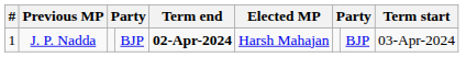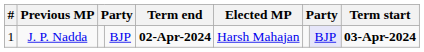 <table class="wikitable" style="text-align:center;">
 <tr>
 <th>#</th>
 <th>Previous MP</th>
 <th colspan="2">Party</th>
 <th>Term end</th>
 <th>Elected MP</th>
 <th colspan="2">Party</th>
 <th>Term start</th>
 </tr>
 <tr>
 <td>1</td>
 <td><a href='#'>J. P. Nadda</a></td>
 <td width="1px"></td>
 <td><a href='#'>BJP</a></td>
 <td><strong>02-Apr-2024</strong></td>
 <td><a href='#'>Harsh Mahajan</a></td>
 <td width="1px"></td>
-<td><a href='#'>BJP</a></td>
-<td>03-Apr-2024</td>
+<td style="background: lavender;"><a href='#'>BJP</a></td>
+<td><strong>03-Apr-2024</strong></td>
 </tr>
 </table>
